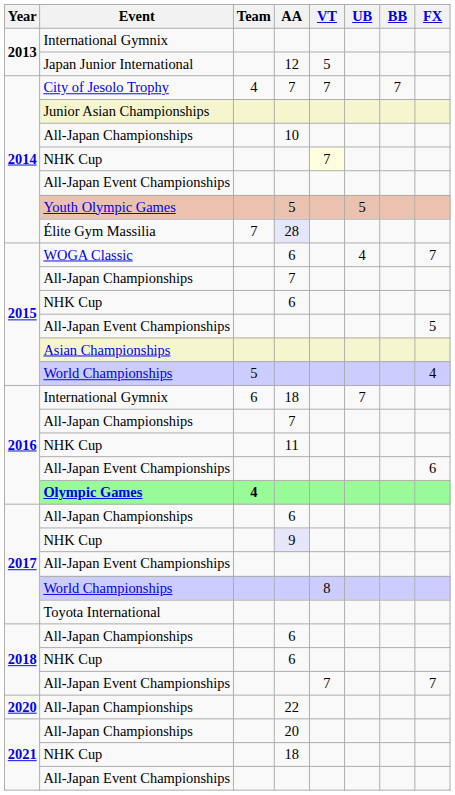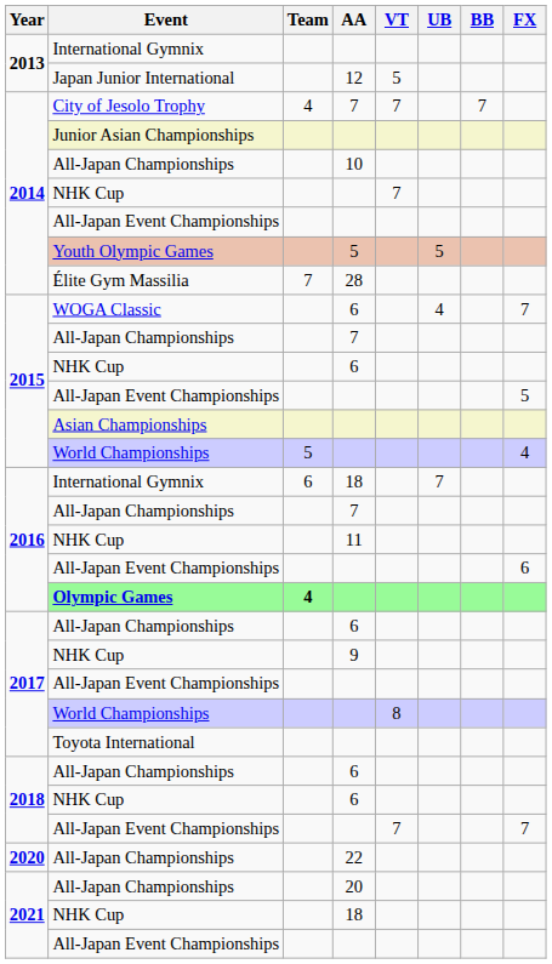 <table class="wikitable" style="text-align:center; font-size:95%;">
 <tr>
 <th align=center>Year</th>
 <th align=center>Event</th>
 <th style="width:30px;">Team</th>
 <th style="width:30px;">AA</th>
 <th style="width:30px;"><a href='#'>VT</a></th>
 <th style="width:30px;"><a href='#'>UB</a></th>
 <th style="width:30px;"><a href='#'>BB</a></th>
 <th style="width:30px;"><a href='#'>FX</a></th>
 </tr>
 <tr>
 <td rowspan="2"><strong>2013</strong></td>
 <td align=left>International Gymnix</td>
 <td></td>
 <td></td>
 <td></td>
 <td></td>
 <td></td>
 <td></td>
 </tr>
 <tr>
 <td align=left>Japan Junior International</td>
 <td></td>
 <td>12</td>
 <td>5</td>
 <td></td>
 <td></td>
 <td></td>
 </tr>
 <tr>
 <td rowspan="7"><strong><a href='#'>2014</a></strong></td>
 <td align=left><a href='#'>City of Jesolo Trophy</a></td>
 <td>4</td>
 <td>7</td>
 <td>7</td>
 <td></td>
 <td>7</td>
 <td></td>
 </tr>
 <tr bgcolor=#F5F6CE>
 <td align=left>Junior Asian Championships</td>
 <td></td>
 <td></td>
 <td></td>
 <td></td>
 <td></td>
 <td></td>
 </tr>
 <tr>
 <td align=left>All-Japan Championships</td>
 <td></td>
 <td>10</td>
 <td></td>
 <td></td>
 <td></td>
 <td></td>
 </tr>
 <tr>
 <td align=left>NHK Cup</td>
 <td></td>
 <td></td>
-<td style="background: lightyellow;">7</td>
+<td>7</td>
 <td></td>
 <td></td>
 <td></td>
 </tr>
 <tr>
 <td align=left>All-Japan Event Championships</td>
 <td></td>
 <td></td>
 <td></td>
 <td></td>
 <td></td>
 <td></td>
 </tr>
 <tr bgcolor=#EBC2AF>
 <td align=left><a href='#'>Youth Olympic Games</a></td>
 <td></td>
 <td>5</td>
 <td></td>
 <td>5</td>
 <td></td>
 <td></td>
 </tr>
 <tr>
 <td align=left>Élite Gym Massilia</td>
 <td>7</td>
-<td style="background: lavender;">28</td>
+<td>28</td>
 <td></td>
 <td></td>
 <td></td>
 <td></td>
 </tr>
 <tr>
 <td rowspan="6"><strong><a href='#'>2015</a></strong></td>
 <td align=left><a href='#'>WOGA Classic</a></td>
 <td></td>
 <td>6</td>
 <td></td>
 <td>4</td>
 <td></td>
 <td>7</td>
 </tr>
 <tr>
 <td align=left>All-Japan Championships</td>
 <td></td>
 <td>7</td>
 <td></td>
 <td></td>
 <td></td>
 <td></td>
 </tr>
 <tr>
 <td align=left>NHK Cup</td>
 <td></td>
 <td>6</td>
 <td></td>
 <td></td>
 <td></td>
 <td></td>
 </tr>
 <tr>
 <td align=left>All-Japan Event Championships</td>
 <td></td>
 <td></td>
 <td></td>
 <td></td>
 <td></td>
 <td>5</td>
 </tr>
 <tr bgcolor=#F5F6CE>
 <td align=left><a href='#'>Asian Championships</a></td>
 <td></td>
 <td></td>
 <td></td>
 <td></td>
 <td></td>
 <td></td>
 </tr>
 <tr bgcolor=#CCCCFF>
 <td align=left><a href='#'>World Championships</a></td>
 <td>5</td>
 <td></td>
 <td></td>
 <td></td>
 <td></td>
 <td>4</td>
 </tr>
 <tr>
 <td rowspan="5"><strong><a href='#'>2016</a></strong></td>
 <td align=left>International Gymnix</td>
 <td>6</td>
 <td>18</td>
 <td></td>
 <td>7</td>
 <td></td>
 <td></td>
 </tr>
 <tr>
 <td align=left>All-Japan Championships</td>
 <td></td>
 <td>7</td>
 <td></td>
 <td></td>
 <td></td>
 <td></td>
 </tr>
 <tr>
 <td align=left>NHK Cup</td>
 <td></td>
 <td>11</td>
 <td></td>
 <td></td>
 <td></td>
 <td></td>
 </tr>
 <tr>
 <td align=left>All-Japan Event Championships</td>
 <td></td>
 <td></td>
 <td></td>
 <td></td>
 <td></td>
 <td>6</td>
 </tr>
 <tr bgcolor=98FB98>
 <td align=left><strong><a href='#'>Olympic Games</a></strong></td>
 <td><strong>4</strong></td>
 <td></td>
 <td></td>
 <td></td>
 <td></td>
 <td></td>
 </tr>
 <tr>
 <td rowspan="5"><strong><a href='#'>2017</a></strong></td>
 <td align=left>All-Japan Championships</td>
 <td></td>
 <td>6</td>
 <td></td>
 <td></td>
 <td></td>
 <td></td>
 </tr>
 <tr>
 <td align=left>NHK Cup</td>
 <td></td>
-<td style="background: lavender;">9</td>
+<td>9</td>
 <td></td>
 <td></td>
 <td></td>
 <td></td>
 </tr>
 <tr>
 <td align=left>All-Japan Event Championships</td>
 <td></td>
 <td></td>
 <td></td>
 <td></td>
 <td></td>
 <td></td>
 </tr>
 <tr bgcolor=#CCCCFF>
 <td align=left><a href='#'>World Championships</a></td>
 <td></td>
 <td></td>
 <td>8</td>
 <td></td>
 <td></td>
 <td></td>
 </tr>
 <tr>
 <td align=left>Toyota International</td>
 <td></td>
 <td></td>
 <td></td>
 <td></td>
 <td></td>
 <td></td>
 </tr>
 <tr>
 <td rowspan="3"><strong><a href='#'>2018</a></strong></td>
 <td align=left>All-Japan Championships</td>
 <td></td>
 <td>6</td>
 <td></td>
 <td></td>
 <td></td>
 <td></td>
 </tr>
 <tr>
 <td align=left>NHK Cup</td>
 <td></td>
 <td>6</td>
 <td></td>
 <td></td>
 <td></td>
 <td></td>
 </tr>
 <tr>
 <td align=left>All-Japan Event Championships</td>
 <td></td>
 <td></td>
 <td>7</td>
 <td></td>
 <td></td>
 <td>7</td>
 </tr>
 <tr>
 <td rowspan="1"><strong><a href='#'>2020</a></strong></td>
 <td align=left>All-Japan Championships</td>
 <td></td>
 <td>22</td>
 <td></td>
 <td></td>
 <td></td>
 <td></td>
 </tr>
 <tr>
 <td rowspan="3"><strong><a href='#'>2021</a></strong></td>
 <td align=left>All-Japan Championships</td>
 <td></td>
 <td>20</td>
 <td></td>
 <td></td>
 <td></td>
 <td></td>
 </tr>
 <tr>
 <td align=left>NHK Cup</td>
 <td></td>
 <td>18</td>
 <td></td>
 <td></td>
 <td></td>
 <td></td>
 </tr>
 <tr>
 <td align=left>All-Japan Event Championships</td>
 <td></td>
 <td></td>
 <td></td>
 <td></td>
 <td></td>
 <td></td>
 </tr>
 </table>
